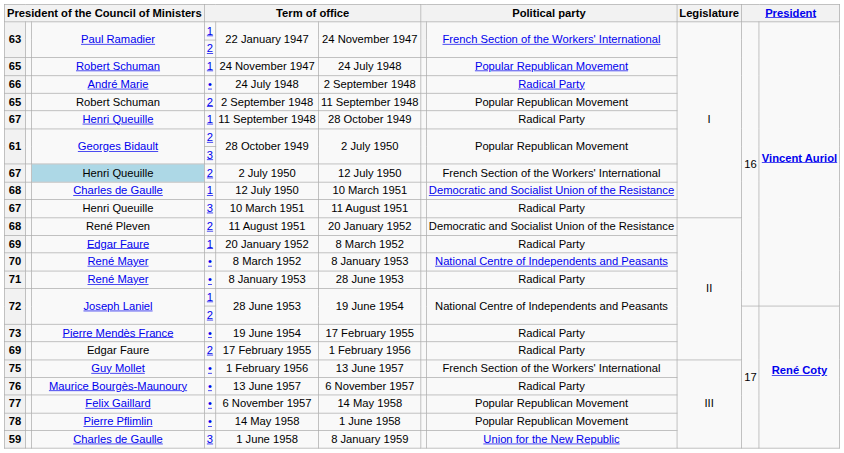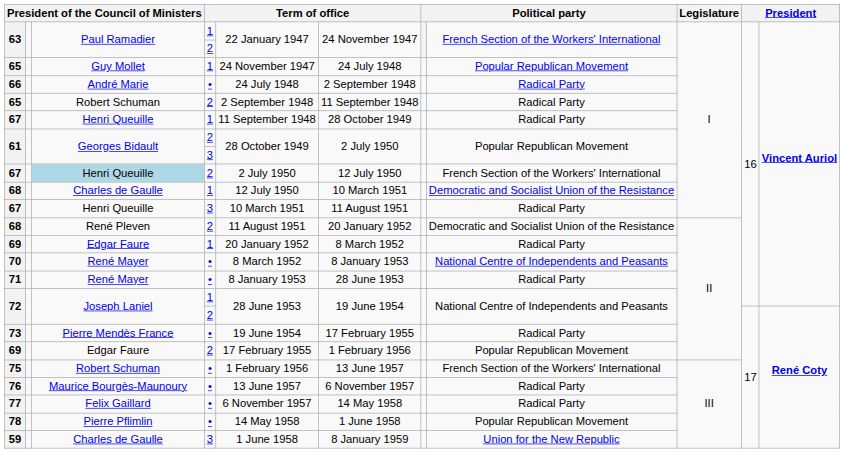 <table class="wikitable" style="text-align:center">
 <tr>
 <th colspan=3>President of the Council of Ministers<br></th>
 <th colspan=3>Term of office</th>
 <th colspan=2>Political party<br></th>
 <th>Legislature<br></th>
 <th colspan=2><a href='#'>President</a><br></th>
 </tr>
 <tr>
 <th rowspan=2>63</th>
 <td rowspan=2></td>
 <td rowspan=2><a href='#'>Paul Ramadier</a><br></td>
 <td><a href='#'>1</a></td>
 <td rowspan=2>22 January 1947</td>
 <td rowspan=2>24 November 1947</td>
 <th rowspan=2 style="background:"></th>
 <td rowspan=2><a href='#'>French Section of the Workers' International</a><br></td>
 <td rowspan=11>I </td>
 <td rowspan=16 style="background:">16</td>
 <td rowspan=16><strong><a href='#'>Vincent Auriol</a></strong><br><br></td>
 </tr>
 <tr>
 <td><a href='#'>2</a></td>
 </tr>
 <tr>
 <th>65</th>
 <td></td>
-<td><a href='#'>Robert Schuman</a><br></td>
+<td><a href='#'>Guy Mollet</a><br></td>
 <td><a href='#'>1</a></td>
 <td>24 November 1947</td>
 <td>24 July 1948</td>
 <td style="background:"></td>
 <td><a href='#'>Popular Republican Movement</a><br></td>
 </tr>
 <tr>
 <th>66</th>
 <td></td>
 <td><a href='#'>André Marie</a><br></td>
 <td><a href='#'>•</a></td>
 <td>24 July 1948</td>
 <td>2 September 1948</td>
 <td style="background:"></td>
 <td><a href='#'>Radical Party</a><br></td>
 </tr>
 <tr>
 <th>65</th>
 <td></td>
 <td>Robert Schuman<br></td>
 <td><a href='#'>2</a></td>
 <td>2 September 1948</td>
 <td>11 September 1948</td>
 <td style="background:"></td>
-<td>Popular Republican Movement<br></td>
+<td>Radical Party</td>
 </tr>
 <tr>
 <th>67</th>
 <td></td>
 <td><a href='#'>Henri Queuille</a><br></td>
 <td><a href='#'>1</a></td>
 <td>11 September 1948</td>
 <td>28 October 1949</td>
 <td style="background:"></td>
 <td>Radical Party<br></td>
 </tr>
 <tr>
 <th rowspan=2>61</th>
 <td rowspan=2></td>
 <td rowspan=2><a href='#'>Georges Bidault</a><br></td>
 <td><a href='#'>2</a></td>
 <td rowspan=2>28 October 1949</td>
 <td rowspan=2>2 July 1950</td>
 <td rowspan=2 style="background:"></td>
 <td rowspan=2>Popular Republican Movement<br></td>
 </tr>
 <tr>
 <td><a href='#'>3</a></td>
 </tr>
 <tr>
 <th>67</th>
 <td></td>
 <td style="background: lightblue;">Henri Queuille<br></td>
 <td><a href='#'>2</a></td>
 <td>2 July 1950</td>
 <td>12 July 1950</td>
 <td style="background:"></td>
 <td>French Section of the Workers' International<br></td>
 </tr>
 <tr>
 <th>68</th>
 <td></td>
 <td><a href='#'>Charles de Gaulle</a><br></td>
 <td><a href='#'>1</a></td>
 <td>12 July 1950</td>
 <td>10 March 1951</td>
 <td style="background:"></td>
 <td><a href='#'>Democratic and Socialist Union of the Resistance</a><br></td>
 </tr>
 <tr>
 <th>67</th>
 <td></td>
 <td>Henri Queuille<br></td>
 <td><a href='#'>3</a></td>
 <td>10 March 1951</td>
 <td>11 August 1951</td>
 <td style="background:"></td>
 <td>Radical Party<br></td>
 </tr>
 <tr>
 <th>68</th>
 <td></td>
 <td>René Pleven<br></td>
 <td><a href='#'>2</a></td>
 <td>11 August 1951</td>
 <td>20 January 1952</td>
 <td style="background:"></td>
 <td>Democratic and Socialist Union of the Resistance<br></td>
 <td rowspan=8>II </td>
 </tr>
 <tr>
 <th>69</th>
 <td></td>
 <td><a href='#'>Edgar Faure</a><br></td>
 <td><a href='#'>1</a></td>
 <td>20 January 1952</td>
 <td>8 March 1952</td>
 <td style="background:"></td>
 <td>Radical Party</td>
 </tr>
 <tr>
 <th>70</th>
 <td></td>
 <td><a href='#'>René Mayer</a><br></td>
 <td><a href='#'>•</a></td>
 <td>8 March 1952</td>
 <td>8 January 1953</td>
 <td style="background:"></td>
 <td><a href='#'>National Centre of Independents and Peasants</a></td>
 </tr>
 <tr>
 <th>71</th>
 <td></td>
 <td><a href='#'>René Mayer</a><br></td>
 <td><a href='#'>•</a></td>
 <td>8 January 1953</td>
 <td>28 June 1953</td>
 <td style="background:"></td>
 <td>Radical Party</td>
 </tr>
 <tr>
 <th rowspan=2>72</th>
 <td rowspan=2></td>
 <td rowspan=2><a href='#'>Joseph Laniel</a><br></td>
 <td><a href='#'>1</a></td>
 <td rowspan=2>28 June 1953</td>
 <td rowspan=2>19 June 1954</td>
 <td rowspan=2 style="background:"></td>
 <td rowspan=2>National Centre of Independents and Peasants</td>
 </tr>
 <tr>
 <td><a href='#'>2</a></td>
 <td rowspan=9 style="background:">17</td>
 <td rowspan=9><strong><a href='#'>René Coty</a></strong><br><br></td>
 </tr>
 <tr>
 <th>73</th>
 <td></td>
 <td><a href='#'>Pierre Mendès France</a><br></td>
 <td><a href='#'>•</a></td>
 <td>19 June 1954</td>
 <td>17 February 1955</td>
 <td style="background:"></td>
 <td>Radical Party</td>
 </tr>
 <tr>
 <th>69</th>
 <td></td>
 <td>Edgar Faure<br></td>
 <td><a href='#'>2</a></td>
 <td>17 February 1955</td>
 <td>1 February 1956</td>
 <td style="background:"></td>
-<td>Radical Party</td>
+<td>Popular Republican Movement<br></td>
 </tr>
 <tr>
 <th>75</th>
 <td></td>
-<td><a href='#'>Guy Mollet</a><br></td>
+<td><a href='#'>Robert Schuman</a><br></td>
 <td><a href='#'>•</a></td>
 <td>1 February 1956</td>
 <td>13 June 1957</td>
 <td style="background:"></td>
 <td>French Section of the Workers' International<br></td>
 <td rowspan=5>III </td>
 </tr>
 <tr>
 <th>76</th>
 <td></td>
 <td><a href='#'>Maurice Bourgès-Maunoury</a><br></td>
 <td><a href='#'>•</a></td>
 <td>13 June 1957</td>
 <td>6 November 1957</td>
 <td style="background:"></td>
 <td>Radical Party<br></td>
 </tr>
 <tr>
 <th>77</th>
 <td></td>
 <td><a href='#'>Felix Gaillard</a><br></td>
 <td><a href='#'>•</a></td>
 <td>6 November 1957</td>
 <td>14 May 1958</td>
 <td style="background:"></td>
-<td>Popular Republican Movement<br></td>
+<td>Radical Party<br></td>
 </tr>
 <tr>
 <th>78</th>
 <td></td>
 <td><a href='#'>Pierre Pflimlin</a><br></td>
 <td><a href='#'>•</a></td>
 <td>14 May 1958</td>
 <td>1 June 1958</td>
 <td style="background:"></td>
 <td>Popular Republican Movement</td>
 </tr>
 <tr>
 <th>59</th>
 <td></td>
 <td><a href='#'>Charles de Gaulle</a><br></td>
 <td><a href='#'>3</a></td>
 <td>1 June 1958</td>
 <td>8 January 1959</td>
 <td style="background:"></td>
 <td><a href='#'>Union for the New Republic</a></td>
 </tr>
 </table>
